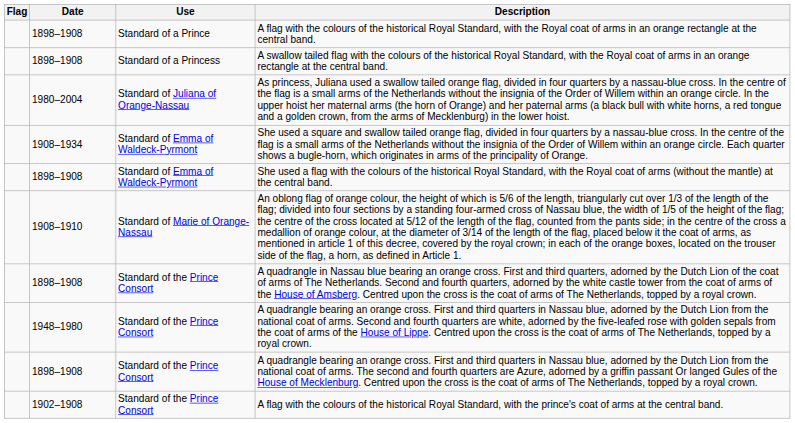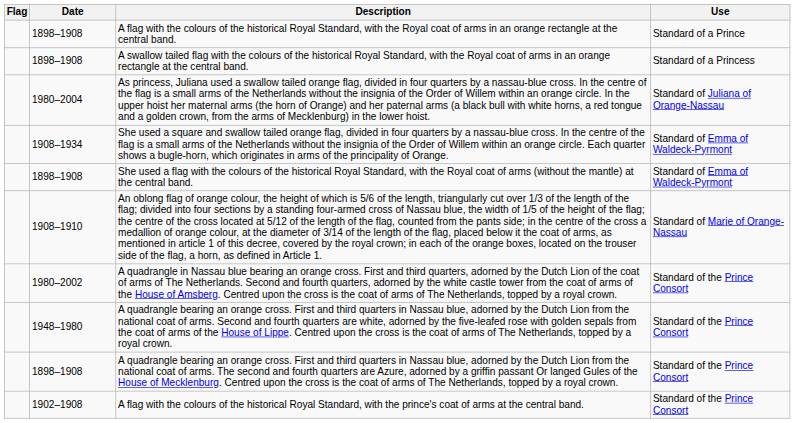 <table class="wikitable">
 <tr style="background:#efefef;">
 <th>Flag</th>
 <th style="width:150px;">Date</th>
+<th style="width:1024px;">Description</th>
 <th style="width:250px;">Use</th>
-<th style="width:1024px;">Description</th>
 </tr>
 <tr>
 <td></td>
 <td>1898–1908</td>
+<td>A flag with the colours of the historical Royal Standard, with the Royal coat of arms in an orange rectangle at the central band.</td>
 <td>Standard of a Prince</td>
-<td>A flag with the colours of the historical Royal Standard, with the Royal coat of arms in an orange rectangle at the central band.</td>
 </tr>
 <tr>
 <td></td>
 <td>1898–1908</td>
+<td>A swallow tailed flag with the colours of the historical Royal Standard, with the Royal coat of arms in an orange rectangle at the central band.</td>
 <td>Standard of a Princess</td>
-<td>A swallow tailed flag with the colours of the historical Royal Standard, with the Royal coat of arms in an orange rectangle at the central band.</td>
 </tr>
 <tr>
 <td></td>
 <td>1980–2004</td>
+<td>As princess, Juliana used a swallow tailed orange flag, divided in four quarters by a nassau-blue cross. In the centre of the flag is a small arms of the Netherlands without the insignia of the Order of Willem within an orange circle. In the upper hoist her maternal arms (the horn of Orange) and her paternal arms (a black bull with white horns, a red tongue and a golden crown, from the arms of Mecklenburg) in the lower hoist.</td>
 <td>Standard of <a href='#'>Juliana of Orange-Nassau</a></td>
-<td>As princess, Juliana used a swallow tailed orange flag, divided in four quarters by a nassau-blue cross. In the centre of the flag is a small arms of the Netherlands without the insignia of the Order of Willem within an orange circle. In the upper hoist her maternal arms (the horn of Orange) and her paternal arms (a black bull with white horns, a red tongue and a golden crown, from the arms of Mecklenburg) in the lower hoist.</td>
 </tr>
 <tr>
 <td></td>
 <td>1908–1934</td>
+<td>She used a square and swallow tailed orange flag, divided in four quarters by a nassau-blue cross. In the centre of the flag is a small arms of the Netherlands without the insignia of the Order of Willem within an orange circle. Each quarter shows a bugle-horn, which originates in arms of the principality of Orange.</td>
 <td>Standard of <a href='#'>Emma of Waldeck-Pyrmont</a></td>
-<td>She used a square and swallow tailed orange flag, divided in four quarters by a nassau-blue cross. In the centre of the flag is a small arms of the Netherlands without the insignia of the Order of Willem within an orange circle. Each quarter shows a bugle-horn, which originates in arms of the principality of Orange.</td>
 </tr>
 <tr>
 <td></td>
 <td>1898–1908</td>
+<td>She used a flag with the colours of the historical Royal Standard, with the Royal coat of arms (without the mantle) at the central band.</td>
 <td>Standard of <a href='#'>Emma of Waldeck-Pyrmont</a></td>
-<td>She used a flag with the colours of the historical Royal Standard, with the Royal coat of arms (without the mantle) at the central band.</td>
 </tr>
 <tr>
 <td></td>
 <td>1908–1910</td>
+<td>An oblong flag of orange colour, the height of which is 5/6 of the length, triangularly cut over 1/3 of the length of the flag; divided into four sections by a standing four-armed cross of Nassau blue, the width of 1/5 of the height of the flag; the centre of the cross located at 5/12 of the length of the flag, counted from the pants side; in the centre of the cross a medallion of orange colour, at the diameter of 3/14 of the length of the flag, placed below it the coat of arms, as mentioned in article 1 of this decree, covered by the royal crown; in each of the orange boxes, located on the trouser side of the flag, a horn, as defined in Article 1.</td>
 <td>Standard of <a href='#'>Marie of Orange-Nassau</a></td>
-<td>An oblong flag of orange colour, the height of which is 5/6 of the length, triangularly cut over 1/3 of the length of the flag; divided into four sections by a standing four-armed cross of Nassau blue, the width of 1/5 of the height of the flag; the centre of the cross located at 5/12 of the length of the flag, counted from the pants side; in the centre of the cross a medallion of orange colour, at the diameter of 3/14 of the length of the flag, placed below it the coat of arms, as mentioned in article 1 of this decree, covered by the royal crown; in each of the orange boxes, located on the trouser side of the flag, a horn, as defined in Article 1.</td>
+</tr>
+<tr>
+<td></td>
+<td>1980–2002</td>
+<td>A quadrangle in Nassau blue bearing an orange cross. First and third quarters, adorned by the Dutch Lion of the coat of arms of The Netherlands. Second and fourth quarters, adorned by the white castle tower from the coat of arms of the <a href='#'>House of Amsberg</a>. Centred upon the cross is the coat of arms of The Netherlands, topped by a royal crown.</td>
+<td>Standard of the <a href='#'>Prince Consort</a></td>
+</tr>
+<tr>
+<td></td>
+<td>1948–1980</td>
+<td>A quadrangle bearing an orange cross. First and third quarters in Nassau blue, adorned by the Dutch Lion from the national coat of arms. Second and fourth quarters are white, adorned by the five-leafed rose with golden sepals from the coat of arms of the <a href='#'>House of Lippe</a>. Centred upon the cross is the coat of arms of The Netherlands, topped by a royal crown.</td>
+<td>Standard of the <a href='#'>Prince Consort</a></td>
 </tr>
 <tr>
 <td></td>
 <td>1898–1908</td>
+<td>A quadrangle bearing an orange cross. First and third quarters in Nassau blue, adorned by the Dutch Lion from the national coat of arms. The second and fourth quarters are Azure, adorned by a griffin passant Or langed Gules of the <a href='#'>House of Mecklenburg</a>. Centred upon the cross is the coat of arms of The Netherlands, topped by a royal crown.</td>
 <td>Standard of the <a href='#'>Prince Consort</a></td>
-<td>A quadrangle in Nassau blue bearing an orange cross. First and third quarters, adorned by the Dutch Lion of the coat of arms of The Netherlands. Second and fourth quarters, adorned by the white castle tower from the coat of arms of the <a href='#'>House of Amsberg</a>. Centred upon the cross is the coat of arms of The Netherlands, topped by a royal crown.</td>
-</tr>
-<tr>
-<td></td>
-<td>1948–1980</td>
-<td>Standard of the <a href='#'>Prince Consort</a></td>
-<td>A quadrangle bearing an orange cross. First and third quarters in Nassau blue, adorned by the Dutch Lion from the national coat of arms. Second and fourth quarters are white, adorned by the five-leafed rose with golden sepals from the coat of arms of the <a href='#'>House of Lippe</a>. Centred upon the cross is the coat of arms of The Netherlands, topped by a royal crown.</td>
-</tr>
-<tr>
-<td></td>
-<td>1898–1908</td>
-<td>Standard of the <a href='#'>Prince Consort</a></td>
-<td>A quadrangle bearing an orange cross. First and third quarters in Nassau blue, adorned by the Dutch Lion from the national coat of arms. The second and fourth quarters are Azure, adorned by a griffin passant Or langed Gules of the <a href='#'>House of Mecklenburg</a>. Centred upon the cross is the coat of arms of The Netherlands, topped by a royal crown.</td>
 </tr>
 <tr>
 <td></td>
 <td>1902–1908</td>
+<td>A flag with the colours of the historical Royal Standard, with the prince's coat of arms at the central band.</td>
 <td>Standard of the <a href='#'>Prince Consort</a></td>
-<td>A flag with the colours of the historical Royal Standard, with the prince's coat of arms at the central band.</td>
 </tr>
 </table>
